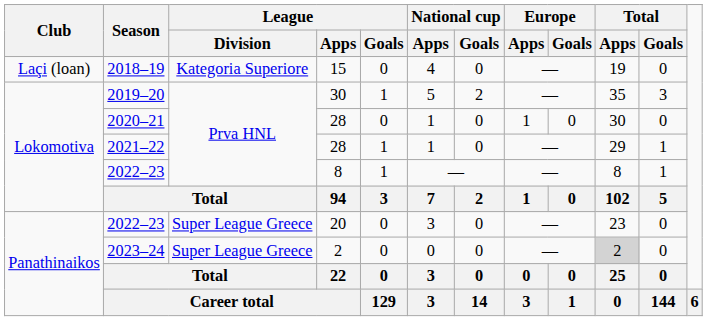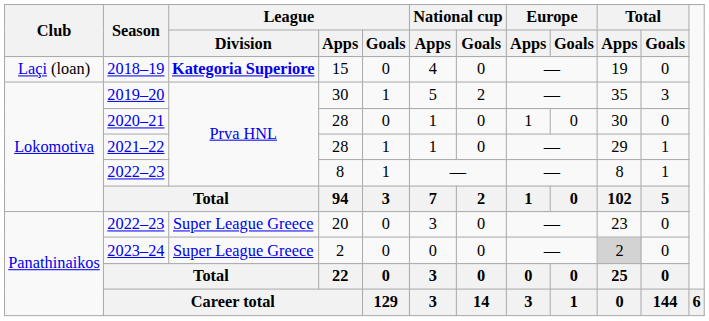 <table class="wikitable" style="text-align:center">
 <tr>
 <th rowspan="2">Club</th>
 <th rowspan="2">Season</th>
 <th colspan="3">League</th>
 <th colspan="2">National cup</th>
 <th colspan="2">Europe</th>
 <th colspan="2">Total</th>
 </tr>
 <tr>
 <th>Division</th>
 <th>Apps</th>
 <th>Goals</th>
 <th>Apps</th>
 <th>Goals</th>
 <th>Apps</th>
 <th>Goals</th>
 <th>Apps</th>
 <th>Goals</th>
 </tr>
 <tr>
 <td><a href='#'>Laçi</a> (loan)</td>
 <td><a href='#'>2018–19</a></td>
-<td><a href='#'>Kategoria Superiore</a></td>
+<td><strong><a href='#'>Kategoria Superiore</a></strong></td>
 <td>15</td>
 <td>0</td>
 <td>4</td>
 <td>0</td>
 <td colspan="2">—</td>
 <td>19</td>
 <td>0</td>
 </tr>
 <tr>
 <td rowspan="5"><a href='#'>Lokomotiva</a></td>
 <td><a href='#'>2019–20</a></td>
 <td rowspan="4"><a href='#'>Prva HNL</a></td>
 <td>30</td>
 <td>1</td>
 <td>5</td>
 <td>2</td>
 <td colspan="2">—</td>
 <td>35</td>
 <td>3</td>
 </tr>
 <tr>
 <td><a href='#'>2020–21</a></td>
 <td>28</td>
 <td>0</td>
 <td>1</td>
 <td>0</td>
 <td>1</td>
 <td>0</td>
 <td>30</td>
 <td>0</td>
 </tr>
 <tr>
 <td><a href='#'>2021–22</a></td>
 <td>28</td>
 <td>1</td>
 <td>1</td>
 <td>0</td>
 <td colspan="2">—</td>
 <td>29</td>
 <td>1</td>
 </tr>
 <tr>
 <td><a href='#'>2022–23</a></td>
 <td>8</td>
 <td>1</td>
 <td colspan="2">—</td>
 <td colspan="2">—</td>
 <td>8</td>
 <td>1</td>
 </tr>
 <tr>
 <th colspan="2">Total</th>
 <th>94</th>
 <th>3</th>
 <th>7</th>
 <th>2</th>
 <th>1</th>
 <th>0</th>
 <th>102</th>
 <th>5</th>
 </tr>
 <tr>
 <td rowspan="5"><a href='#'>Panathinaikos</a></td>
 <td><a href='#'>2022–23</a></td>
 <td><a href='#'>Super League Greece</a></td>
 <td>20</td>
 <td>0</td>
 <td>3</td>
 <td>0</td>
 <td colspan="2">—</td>
 <td>23</td>
 <td>0</td>
 </tr>
 <tr>
 <td><a href='#'>2023–24</a></td>
 <td><a href='#'>Super League Greece</a></td>
 <td>2</td>
 <td>0</td>
 <td>0</td>
 <td>0</td>
 <td colspan="2">—</td>
 <td style="background: lightgrey;">2</td>
 <td>0</td>
 </tr>
 <tr>
 <th colspan="2">Total</th>
 <th>22</th>
 <th>0</th>
 <th>3</th>
 <th>0</th>
 <th>0</th>
 <th>0</th>
 <th>25</th>
 <th>0</th>
 </tr>
 <tr>
 <th colspan="3">Career total</th>
 <th>129</th>
 <th>3</th>
 <th>14</th>
 <th>3</th>
 <th>1</th>
 <th>0</th>
 <th>144</th>
 <th>6</th>
 </tr>
 </table>
